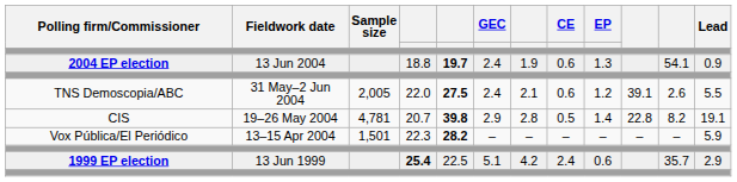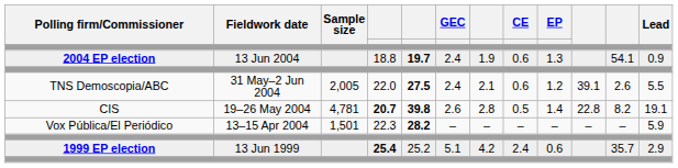 <table class="wikitable collapsible collapsed" style="text-align:center; font-size:90%; line-height:14px;">
 <tr style="height:42px;">
 <th style="width:250px;" rowspan="2">Polling firm/Commissioner</th>
 <th style="width:125px;" rowspan="2">Fieldwork date</th>
 <th style="width:50px;" rowspan="2">Sample size</th>
 <th style="width:35px;"></th>
 <th style="width:35px;"></th>
 <th style="width:35px;"><a href='#'>GEC</a></th>
 <th style="width:35px;"></th>
 <th style="width:35px;"><a href='#'>CE</a></th>
 <th style="width:35px;"><a href='#'>EP</a></th>
 <th style="width:35px;" rowspan="2"></th>
 <th style="width:35px;" rowspan="2"></th>
 <th style="width:30px;" rowspan="2">Lead</th>
 </tr>
 <tr>
 <th style="color:inherit;background:"></th>
 <th style="color:inherit;background:"></th>
 <th style="color:inherit;background:"></th>
 <th style="color:inherit;background:"></th>
 <th style="color:inherit;background:"></th>
 <th style="color:inherit;background:"></th>
 </tr>
 <tr>
 <td colspan="12" style="background:#A0A0A0"></td>
 </tr>
 <tr style="background:#EFEFEF;">
 <td><strong><a href='#'>2004 EP election</a></strong></td>
 <td>13 Jun 2004</td>
 <td></td>
 <td>18.8</td>
 <td><strong>19.7</strong></td>
 <td>2.4</td>
 <td>1.9</td>
 <td>0.6</td>
 <td>1.3</td>
 <td></td>
 <td>54.1</td>
 <td style="background:">0.9</td>
 </tr>
 <tr>
 <td colspan="12" style="background:#A0A0A0"></td>
 </tr>
 <tr>
 <td>TNS Demoscopia/ABC</td>
 <td>31 May–2 Jun 2004</td>
 <td>2,005</td>
 <td>22.0</td>
 <td><strong>27.5</strong></td>
 <td>2.4</td>
 <td>2.1</td>
 <td>0.6</td>
 <td>1.2</td>
 <td>39.1</td>
 <td>2.6</td>
 <td style="background:">5.5</td>
 </tr>
 <tr>
 <td>CIS</td>
 <td>19–26 May 2004</td>
 <td>4,781</td>
-<td>20.7</td>
+<td><strong>20.7</strong></td>
 <td><strong>39.8</strong></td>
-<td>2.9</td>
+<td>2.6</td>
 <td>2.8</td>
 <td>0.5</td>
 <td>1.4</td>
 <td>22.8</td>
 <td>8.2</td>
 <td style="background:">19.1</td>
 </tr>
 <tr>
 <td>Vox Pública/El Periódico</td>
 <td>13–15 Apr 2004</td>
 <td>1,501</td>
 <td>22.3</td>
 <td><strong>28.2</strong></td>
 <td>–</td>
 <td>–</td>
 <td>–</td>
 <td>–</td>
 <td>–</td>
 <td>–</td>
 <td style="background:">5.9</td>
 </tr>
 <tr>
 <td colspan="12" style="background:#A0A0A0"></td>
 </tr>
 <tr style="background:#EFEFEF;">
 <td><strong><a href='#'>1999 EP election</a></strong></td>
 <td>13 Jun 1999</td>
 <td></td>
 <td><strong>25.4</strong></td>
-<td>22.5</td>
+<td>25.2</td>
 <td>5.1</td>
 <td>4.2</td>
 <td>2.4</td>
 <td>0.6</td>
 <td></td>
 <td>35.7</td>
 <td style="background:">2.9</td>
 </tr>
 <tr>
 <td colspan="12" style="background:#A0A0A0"></td>
 </tr>
 </table>
